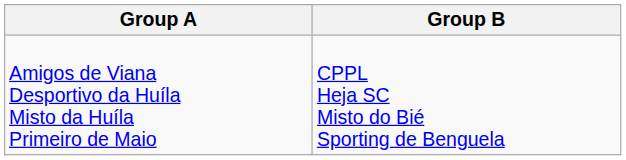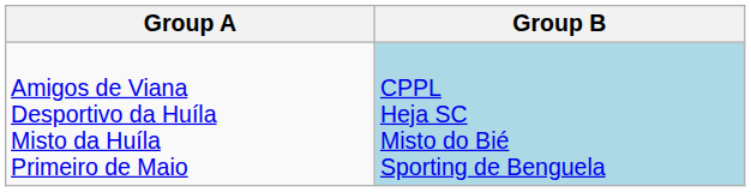 <table class="wikitable" width=40%>
 <tr>
 <th width=25%>Group A</th>
 <th width=25%>Group B</th>
 </tr>
 <tr>
 <td><br><a href='#'>Amigos de Viana</a><br> <a href='#'>Desportivo da Huíla</a><br> <a href='#'>Misto da Huíla</a><br> <a href='#'>Primeiro de Maio</a></td>
-<td><br><a href='#'>CPPL</a><br> <a href='#'>Heja SC</a><br> <a href='#'>Misto do Bié</a><br> <a href='#'>Sporting de Benguela</a></td>
+<td style="background: lightblue;"><br><a href='#'>CPPL</a><br> <a href='#'>Heja SC</a><br> <a href='#'>Misto do Bié</a><br> <a href='#'>Sporting de Benguela</a></td>
 </tr>
 </table>
